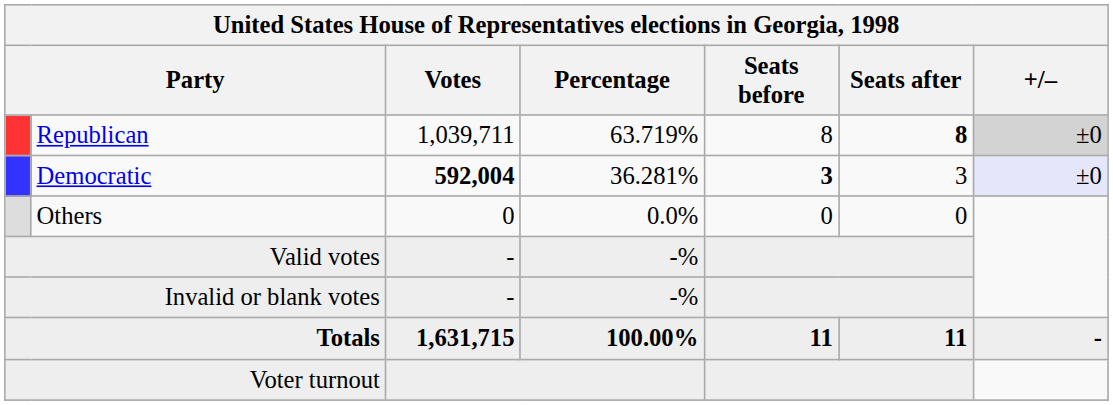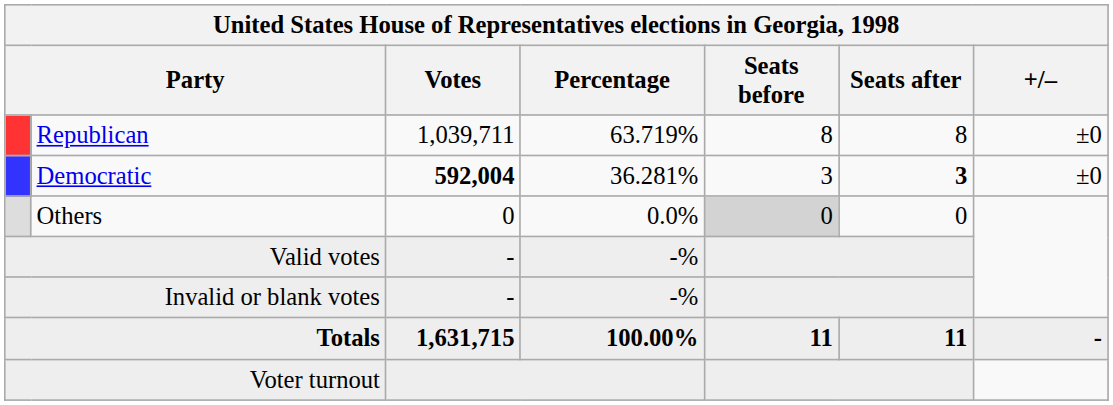 <table class="wikitable" style="font-size: 95%;">
 <tr>
 <th colspan="7">United States House of Representatives elections in Georgia, 1998</th>
 </tr>
 <tr>
 <th colspan=2 style="width: 15em">Party</th>
 <th style="width: 5em">Votes</th>
 <th style="width: 7em">Percentage</th>
 <th style="width: 5em">Seats before</th>
 <th style="width: 5em">Seats after</th>
 <th style="width: 5em">+/–</th>
 </tr>
 <tr>
 <th style="background-color:#FF3333; width: 3px"></th>
 <td style="width: 130px"><a href='#'>Republican</a></td>
 <td align="right">1,039,711</td>
 <td align="right">63.719%</td>
 <td align="right">8</td>
-<td align="right"><strong>8</strong></td>
-<td align="right" style="background: lightgrey;">±0</td>
+<td align="right">8</td>
+<td align="right">±0</td>
 </tr>
 <tr>
 <th style="background-color:#3333FF; width: 3px"></th>
 <td style="width: 130px"><a href='#'>Democratic</a></td>
 <td align="right"><strong>592,004</strong></td>
 <td align="right">36.281%</td>
+<td align="right">3</td>
 <td align="right"><strong>3</strong></td>
-<td align="right">3</td>
-<td align="right" style="background: lavender;">±0</td>
+<td align="right">±0</td>
 </tr>
 <tr>
 <th style="background-color:#DDDDDD; width: 3px"></th>
 <td style="width: 130px">Others</td>
 <td align="right">0</td>
 <td align="right">0.0%</td>
-<td align="right">0</td>
+<td align="right" style="background: lightgrey;">0</td>
 <td align="right">0</td>
 </tr>
 <tr bgcolor="#EEEEEE">
 <td colspan="2" align="right">Valid votes</td>
 <td align="right">-</td>
 <td align="right">-%</td>
 <td colspan="2" align="right"></td>
 </tr>
 <tr bgcolor="#EEEEEE">
 <td colspan="2" align="right">Invalid or blank votes</td>
 <td align="right">-</td>
 <td align="right">-%</td>
 <td colspan="2" align="right"></td>
 </tr>
 <tr bgcolor="#EEEEEE">
 <td colspan="2" align="right"><strong>Totals</strong></td>
 <td align="right"><strong>1,631,715</strong></td>
 <td align="right"><strong>100.00%</strong></td>
 <td align="right"><strong>11</strong></td>
 <td align="right"><strong>11</strong></td>
 <td align="right"><strong>-</strong></td>
 </tr>
 <tr bgcolor="#EEEEEE">
 <td colspan="2" align="right">Voter turnout</td>
 <td colspan="2" align="right"></td>
 <td colspan="2" align="right"></td>
 </tr>
 </table>
